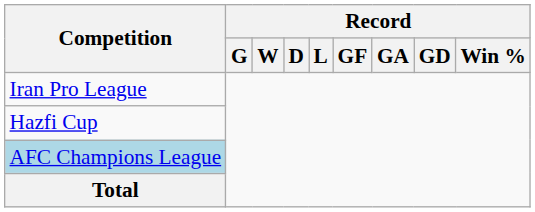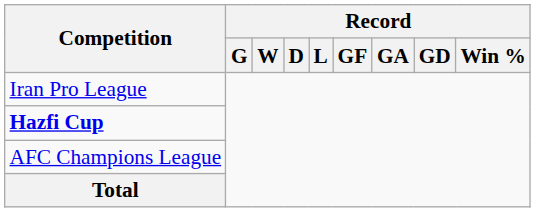 <table class="wikitable" style="text-align: center">
 <tr>
 <th rowspan=2>Competition</th>
 <th colspan=9>Record</th>
 </tr>
 <tr>
 <th>G</th>
 <th>W</th>
 <th>D</th>
 <th>L</th>
 <th>GF</th>
 <th>GA</th>
 <th>GD</th>
 <th>Win %</th>
 </tr>
 <tr>
 <td style="text-align: left"><a href='#'>Iran Pro League</a><br></td>
 </tr>
 <tr>
-<td style="text-align: left"><a href='#'>Hazfi Cup</a><br></td>
+<td style="text-align: left"><strong><a href='#'>Hazfi Cup</a><br></strong></td>
 </tr>
 <tr>
-<td style="background: lightblue; text-align: left"><a href='#'>AFC Champions League</a><br></td>
+<td style="text-align: left"><a href='#'>AFC Champions League</a><br></td>
 </tr>
 <tr>
 <th>Total<br></th>
 </tr>
 </table>
